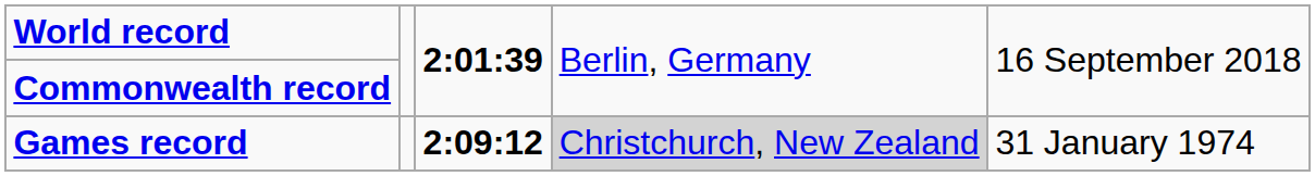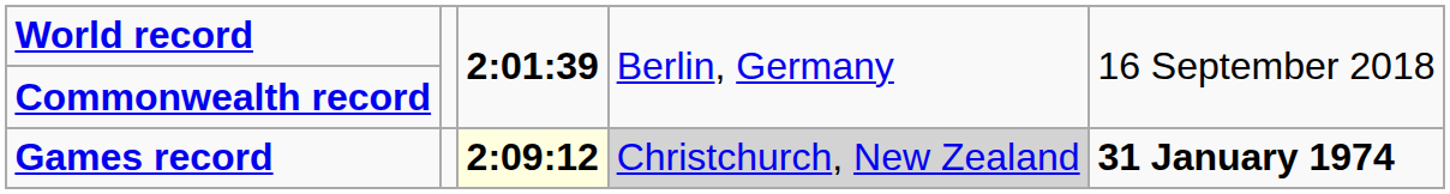 <table class="wikitable">
 <tr>
 <td><a href='#'><strong>World record</strong></a></td>
 <td rowspan=2></td>
 <td rowspan=2><strong>2:01:39</strong></td>
 <td rowspan=2><a href='#'>Berlin</a>, <a href='#'>Germany</a></td>
 <td rowspan=2>16 September 2018</td>
 </tr>
 <tr>
 <td><a href='#'><strong>Commonwealth record</strong></a></td>
 </tr>
 <tr>
 <td><a href='#'><strong>Games record</strong></a></td>
 <td></td>
-<td><strong>2:09:12</strong></td>
+<td style="background: lightyellow;"><strong>2:09:12</strong></td>
 <td style="background: lightgrey;"><a href='#'>Christchurch</a>, <a href='#'>New Zealand</a></td>
-<td>31 January 1974</td>
+<td><strong>31 January 1974</strong></td>
 </tr>
 </table>
